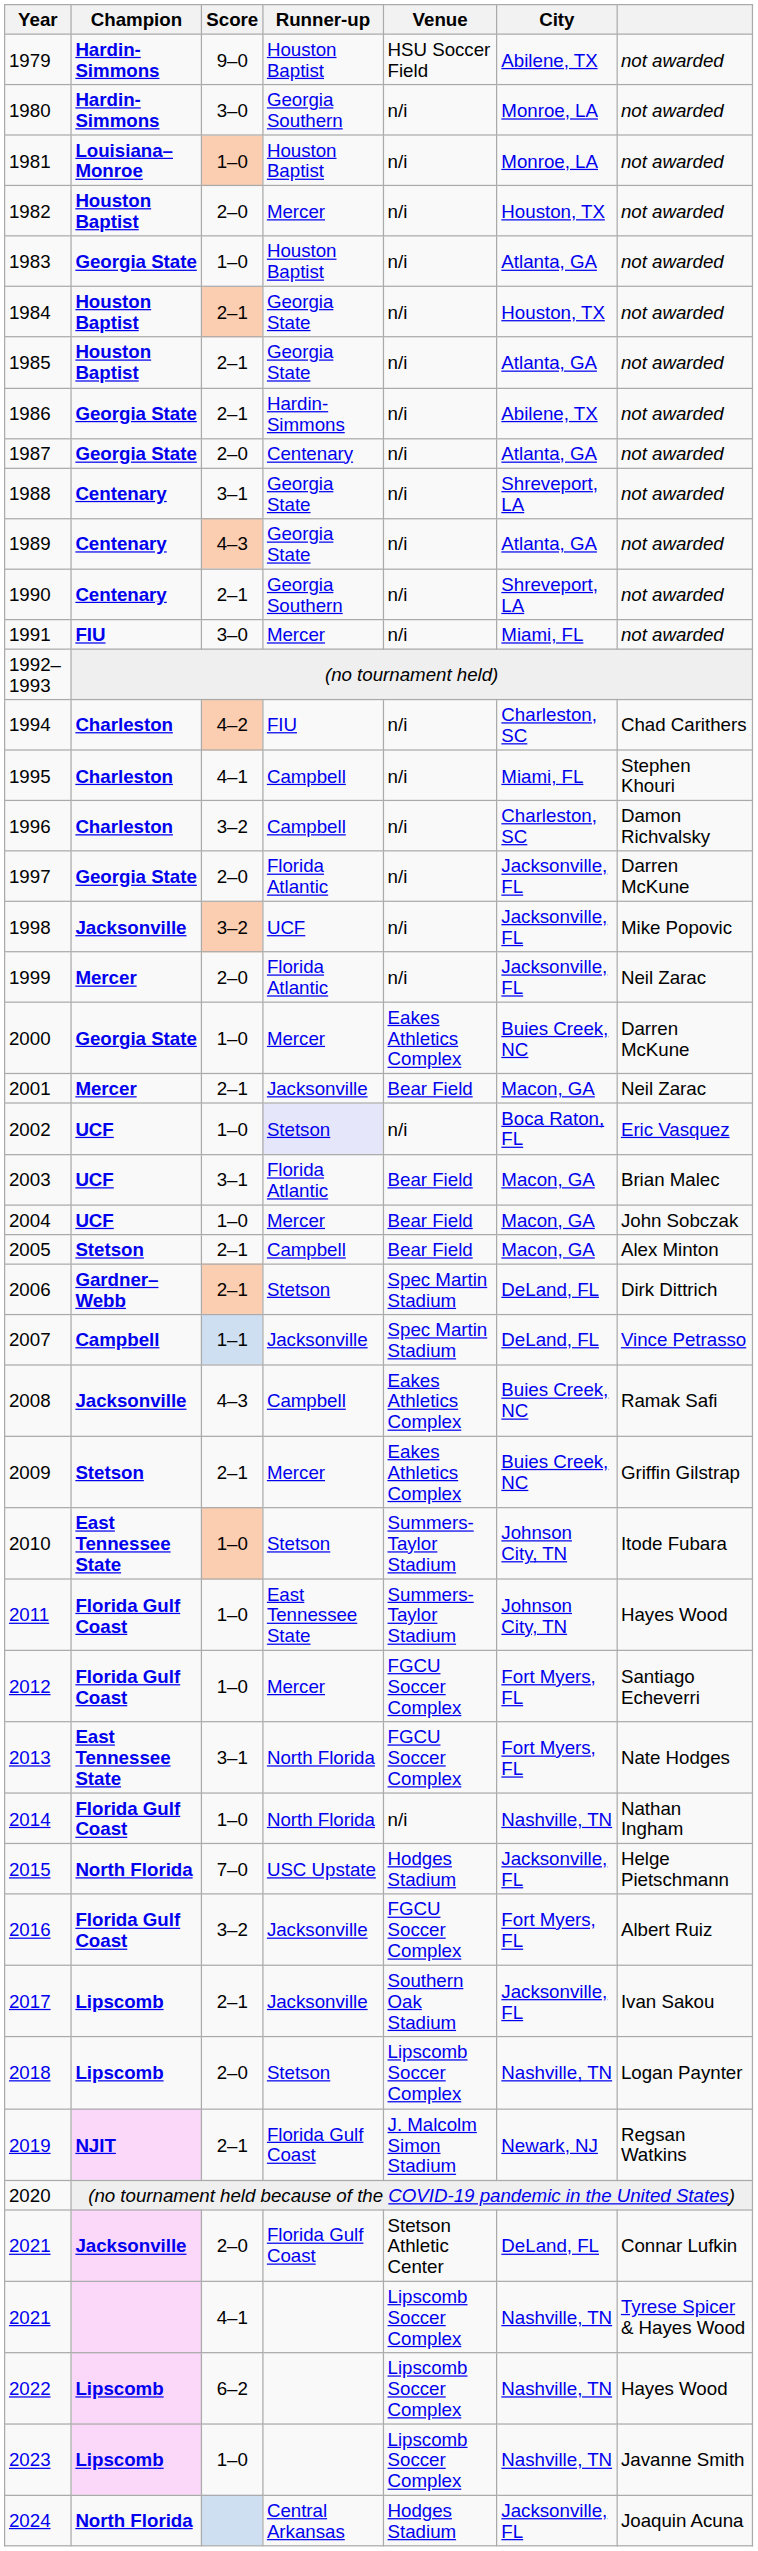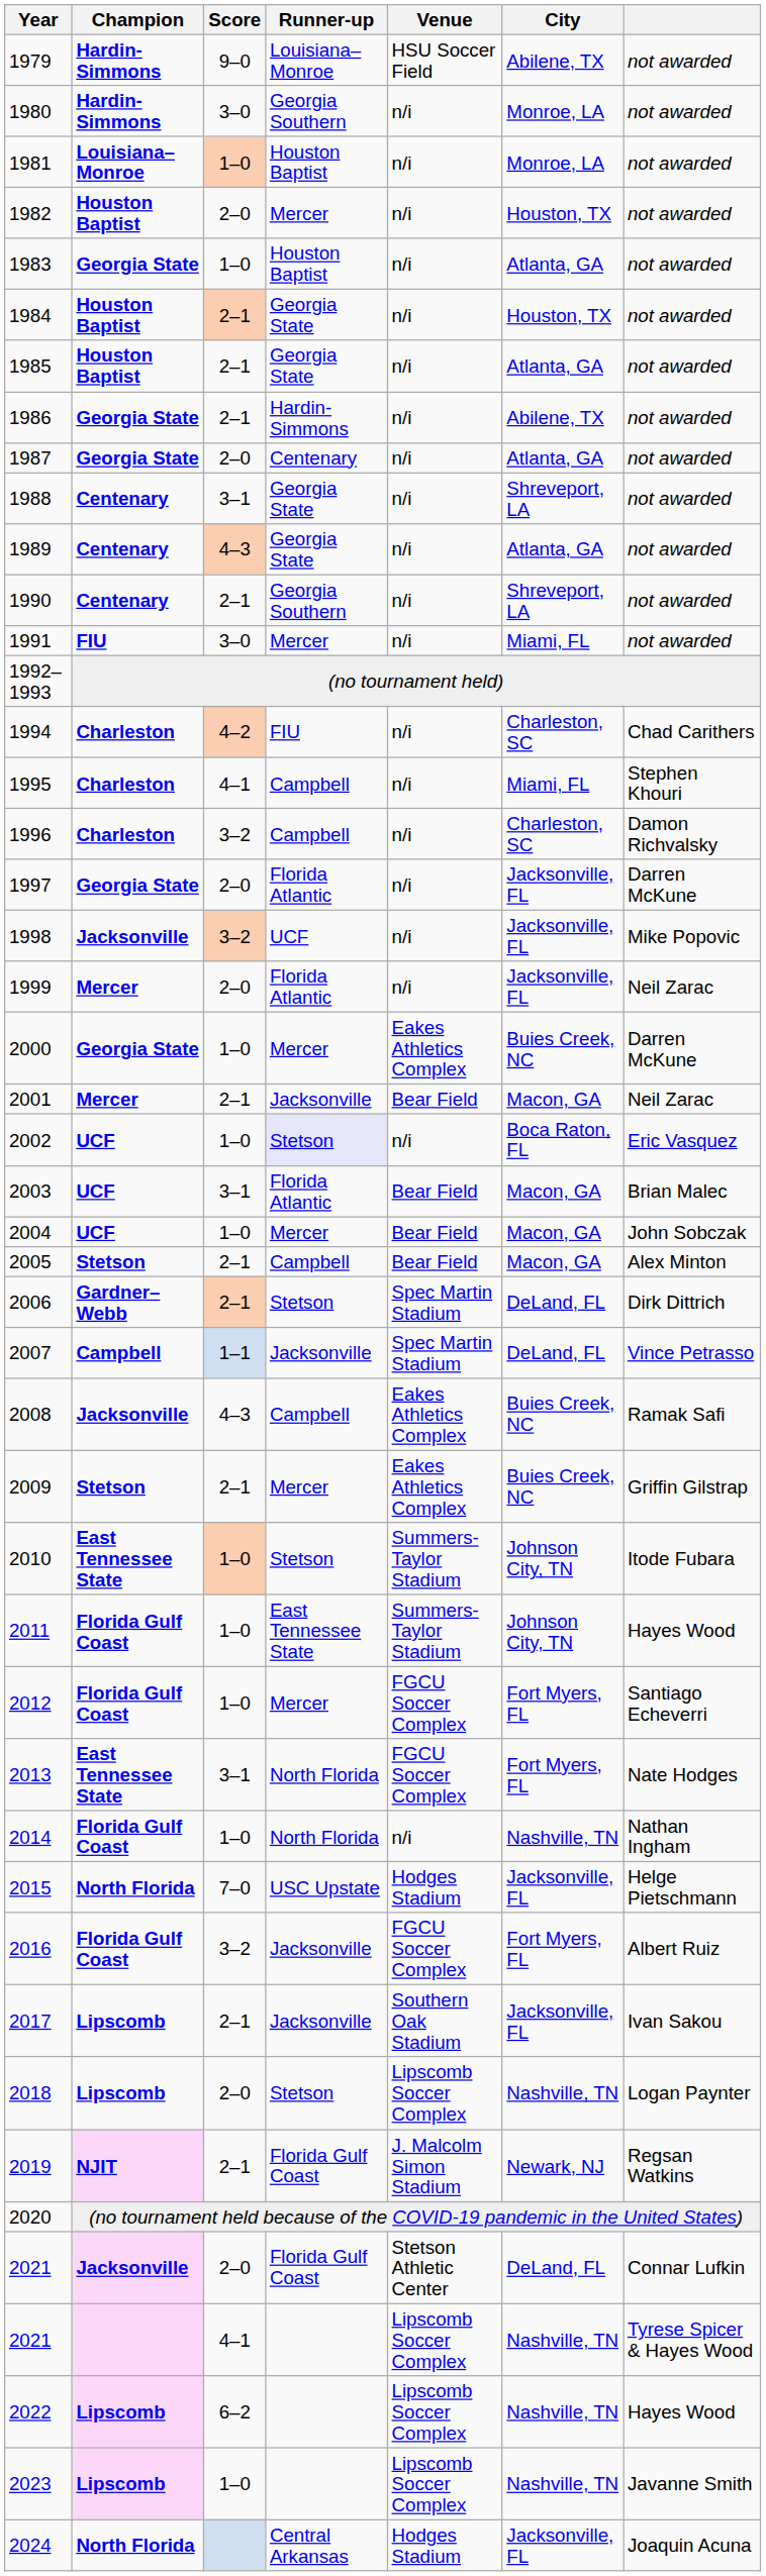 <table class="wikitable sortable" style= "font-size:95%;">
 <tr>
 <th width=px>Year</th>
 <th width=px>Champion</th>
 <th width=px>Score</th>
 <th width=px>Runner-up</th>
 <th width=px>Venue</th>
 <th width=px>City</th>
 <th width=px></th>
 </tr>
 <tr>
 <td>1979</td>
 <td><strong><a href='#'>Hardin-Simmons</a></strong> </td>
 <td align=center>9–0</td>
-<td><a href='#'>Houston Baptist</a></td>
+<td><a href='#'>Louisiana–Monroe</a></td>
 <td>HSU Soccer Field</td>
 <td><a href='#'>Abilene, TX</a></td>
 <td><em>not awarded</em></td>
 </tr>
 <tr>
 <td>1980</td>
 <td><strong><a href='#'>Hardin-Simmons</a></strong> </td>
 <td align=center>3–0</td>
 <td><a href='#'>Georgia Southern</a></td>
 <td>n/i</td>
 <td><a href='#'>Monroe, LA</a></td>
 <td><em>not awarded</em></td>
 </tr>
 <tr>
 <td>1981</td>
 <td><strong><a href='#'>Louisiana–Monroe</a></strong> </td>
 <td style="background-color:#FBCEB1" align=center>1–0 </td>
 <td><a href='#'>Houston Baptist</a></td>
 <td>n/i</td>
 <td><a href='#'>Monroe, LA</a></td>
 <td><em>not awarded</em></td>
 </tr>
 <tr>
 <td>1982</td>
 <td><strong><a href='#'>Houston Baptist</a></strong> </td>
 <td align=center>2–0</td>
 <td><a href='#'>Mercer</a></td>
 <td>n/i</td>
 <td><a href='#'>Houston, TX</a></td>
 <td><em>not awarded</em></td>
 </tr>
 <tr>
 <td>1983</td>
 <td><strong><a href='#'>Georgia State</a></strong> </td>
 <td align=center>1–0</td>
 <td><a href='#'>Houston Baptist</a></td>
 <td>n/i</td>
 <td><a href='#'>Atlanta, GA</a></td>
 <td><em>not awarded</em></td>
 </tr>
 <tr>
 <td>1984</td>
 <td><strong><a href='#'>Houston Baptist</a></strong> </td>
 <td style="background-color:#FBCEB1" align=center>2–1</td>
 <td><a href='#'>Georgia State</a></td>
 <td>n/i</td>
 <td><a href='#'>Houston, TX</a></td>
 <td><em>not awarded</em></td>
 </tr>
 <tr>
 <td>1985</td>
 <td><strong><a href='#'>Houston Baptist</a></strong> </td>
 <td align=center>2–1</td>
 <td><a href='#'>Georgia State</a></td>
 <td>n/i</td>
 <td><a href='#'>Atlanta, GA</a></td>
 <td><em>not awarded</em></td>
 </tr>
 <tr>
 <td>1986</td>
 <td><strong><a href='#'>Georgia State</a></strong> </td>
 <td align=center>2–1</td>
 <td><a href='#'>Hardin-Simmons</a></td>
 <td>n/i</td>
 <td><a href='#'>Abilene, TX</a></td>
 <td><em>not awarded</em></td>
 </tr>
 <tr>
 <td>1987</td>
 <td><strong><a href='#'>Georgia State</a></strong> </td>
 <td align=center>2–0</td>
 <td><a href='#'>Centenary</a></td>
 <td>n/i</td>
 <td><a href='#'>Atlanta, GA</a></td>
 <td><em>not awarded</em></td>
 </tr>
 <tr>
 <td>1988</td>
 <td><strong><a href='#'>Centenary</a></strong> </td>
 <td align=center>3–1</td>
 <td><a href='#'>Georgia State</a></td>
 <td>n/i</td>
 <td><a href='#'>Shreveport, LA</a></td>
 <td><em>not awarded</em></td>
 </tr>
 <tr>
 <td>1989</td>
 <td><strong><a href='#'>Centenary</a></strong> </td>
 <td style="background-color:#FBCEB1" align=center>4–3 </td>
 <td><a href='#'>Georgia State</a></td>
 <td>n/i</td>
 <td><a href='#'>Atlanta, GA</a></td>
 <td><em>not awarded</em></td>
 </tr>
 <tr>
 <td>1990</td>
 <td><strong><a href='#'>Centenary</a></strong> </td>
 <td align=center>2–1</td>
 <td><a href='#'>Georgia Southern</a></td>
 <td>n/i</td>
 <td><a href='#'>Shreveport, LA</a></td>
 <td><em>not awarded</em></td>
 </tr>
 <tr>
 <td>1991</td>
 <td><strong><a href='#'>FIU</a></strong> </td>
 <td align=center>3–0</td>
 <td><a href='#'>Mercer</a></td>
 <td>n/i</td>
 <td><a href='#'>Miami, FL</a></td>
 <td><em>not awarded</em></td>
 </tr>
 <tr>
 <td>1992–1993</td>
 <td colspan=6 style= background:#efefef; align=center><em>(no tournament held)</em></td>
 </tr>
 <tr>
 <td>1994</td>
 <td><strong><a href='#'>Charleston</a></strong> </td>
 <td style="background-color:#FBCEB1" align=center>4–2 </td>
 <td><a href='#'>FIU</a></td>
 <td>n/i</td>
 <td><a href='#'>Charleston, SC</a></td>
 <td>Chad Carithers </td>
 </tr>
 <tr>
 <td>1995</td>
 <td><strong><a href='#'>Charleston</a></strong> </td>
 <td align=center>4–1</td>
 <td><a href='#'>Campbell</a></td>
 <td>n/i</td>
 <td><a href='#'>Miami, FL</a></td>
 <td>Stephen Khouri </td>
 </tr>
 <tr>
 <td>1996</td>
 <td><strong><a href='#'>Charleston</a></strong> </td>
 <td align=center>3–2</td>
 <td><a href='#'>Campbell</a></td>
 <td>n/i</td>
 <td><a href='#'>Charleston, SC</a></td>
 <td>Damon Richvalsky </td>
 </tr>
 <tr>
 <td>1997</td>
 <td><strong><a href='#'>Georgia State</a></strong> </td>
 <td align=center>2–0</td>
 <td><a href='#'>Florida Atlantic</a></td>
 <td>n/i</td>
 <td><a href='#'>Jacksonville, FL</a></td>
 <td>Darren McKune </td>
 </tr>
 <tr>
 <td>1998</td>
 <td><strong><a href='#'>Jacksonville</a></strong> </td>
 <td style="background-color:#FBCEB1" align=center>3–2 </td>
 <td><a href='#'>UCF</a></td>
 <td>n/i</td>
 <td><a href='#'>Jacksonville, FL</a></td>
 <td>Mike Popovic </td>
 </tr>
 <tr>
 <td>1999</td>
 <td><strong><a href='#'>Mercer</a></strong> </td>
 <td align=center>2–0</td>
 <td><a href='#'>Florida Atlantic</a></td>
 <td>n/i</td>
 <td><a href='#'>Jacksonville, FL</a></td>
 <td>Neil Zarac </td>
 </tr>
 <tr>
 <td>2000</td>
 <td><strong><a href='#'>Georgia State</a></strong> </td>
 <td align=center>1–0</td>
 <td><a href='#'>Mercer</a></td>
 <td><a href='#'>Eakes Athletics Complex</a></td>
 <td><a href='#'>Buies Creek, NC</a></td>
 <td>Darren McKune </td>
 </tr>
 <tr>
 <td>2001</td>
 <td><strong><a href='#'>Mercer</a></strong> </td>
 <td align=center>2–1</td>
 <td><a href='#'>Jacksonville</a></td>
 <td><a href='#'>Bear Field</a></td>
 <td><a href='#'>Macon, GA</a></td>
 <td>Neil Zarac </td>
 </tr>
 <tr>
 <td>2002</td>
 <td><strong><a href='#'>UCF</a></strong> </td>
 <td align=center>1–0</td>
 <td style="background: lavender;"><a href='#'>Stetson</a></td>
 <td>n/i</td>
 <td><a href='#'>Boca Raton, FL</a></td>
 <td><a href='#'>Eric Vasquez</a> </td>
 </tr>
 <tr>
 <td>2003</td>
 <td><strong> <a href='#'>UCF</a></strong> </td>
 <td align=center>3–1</td>
 <td><a href='#'>Florida Atlantic</a></td>
 <td><a href='#'>Bear Field</a></td>
 <td><a href='#'>Macon, GA</a></td>
 <td>Brian Malec </td>
 </tr>
 <tr>
 <td>2004</td>
 <td><strong><a href='#'>UCF</a></strong> </td>
 <td align=center>1–0</td>
 <td><a href='#'>Mercer</a></td>
 <td><a href='#'>Bear Field</a></td>
 <td><a href='#'>Macon, GA</a></td>
 <td>John Sobczak </td>
 </tr>
 <tr>
 <td>2005</td>
 <td><strong><a href='#'>Stetson</a></strong> </td>
 <td align=center>2–1</td>
 <td><a href='#'>Campbell</a></td>
 <td><a href='#'>Bear Field</a></td>
 <td><a href='#'>Macon, GA</a></td>
 <td>Alex Minton </td>
 </tr>
 <tr>
 <td>2006</td>
 <td><strong><a href='#'>Gardner–Webb</a></strong> </td>
 <td style="background-color:#FBCEB1" align=center>2–1 </td>
 <td><a href='#'>Stetson</a></td>
 <td><a href='#'>Spec Martin Stadium</a></td>
 <td><a href='#'>DeLand, FL</a></td>
 <td>Dirk Dittrich </td>
 </tr>
 <tr>
 <td>2007</td>
 <td><strong><a href='#'>Campbell</a></strong> </td>
 <td style="background-color:#cedff2" align=center>1–1 </td>
 <td><a href='#'>Jacksonville</a></td>
 <td><a href='#'>Spec Martin Stadium</a></td>
 <td><a href='#'>DeLand, FL</a></td>
 <td><a href='#'>Vince Petrasso</a> </td>
 </tr>
 <tr>
 <td>2008</td>
 <td><strong><a href='#'>Jacksonville</a></strong> </td>
 <td align=center>4–3</td>
 <td><a href='#'>Campbell</a></td>
 <td><a href='#'>Eakes Athletics Complex</a></td>
 <td><a href='#'>Buies Creek, NC</a></td>
 <td>Ramak Safi </td>
 </tr>
 <tr>
 <td>2009</td>
 <td><strong><a href='#'>Stetson</a></strong> </td>
 <td align=center>2–1</td>
 <td><a href='#'>Mercer</a></td>
 <td><a href='#'>Eakes Athletics Complex</a></td>
 <td><a href='#'>Buies Creek, NC</a></td>
 <td>Griffin Gilstrap </td>
 </tr>
 <tr>
 <td>2010</td>
 <td><strong><a href='#'>East Tennessee State</a></strong> </td>
 <td style="background-color:#FBCEB1" align=center>1–0 </td>
 <td><a href='#'>Stetson</a></td>
 <td><a href='#'>Summers-Taylor Stadium</a></td>
 <td><a href='#'>Johnson City, TN</a></td>
 <td>Itode Fubara </td>
 </tr>
 <tr>
 <td><a href='#'>2011</a></td>
 <td><strong><a href='#'>Florida Gulf Coast</a></strong> </td>
 <td align=center>1–0</td>
 <td><a href='#'>East Tennessee State</a></td>
 <td><a href='#'>Summers-Taylor Stadium</a></td>
 <td><a href='#'>Johnson City, TN</a></td>
 <td>Hayes Wood </td>
 </tr>
 <tr>
 <td><a href='#'>2012</a></td>
 <td><strong><a href='#'>Florida Gulf Coast</a></strong> </td>
 <td align=center>1–0</td>
 <td><a href='#'>Mercer</a></td>
 <td><a href='#'>FGCU Soccer Complex</a></td>
 <td><a href='#'>Fort Myers, FL</a></td>
 <td>Santiago Echeverri </td>
 </tr>
 <tr>
 <td><a href='#'>2013</a></td>
 <td><strong><a href='#'>East Tennessee State</a></strong> </td>
 <td align=center>3–1</td>
 <td><a href='#'>North Florida</a></td>
 <td><a href='#'>FGCU Soccer Complex</a></td>
 <td><a href='#'>Fort Myers, FL</a></td>
 <td>Nate Hodges </td>
 </tr>
 <tr>
 <td><a href='#'>2014</a></td>
 <td><strong><a href='#'>Florida Gulf Coast</a></strong> </td>
 <td align=center>1–0</td>
 <td><a href='#'>North Florida</a></td>
 <td>n/i</td>
 <td><a href='#'>Nashville, TN</a></td>
 <td>Nathan Ingham </td>
 </tr>
 <tr>
 <td><a href='#'>2015</a></td>
 <td><strong><a href='#'>North Florida</a></strong> </td>
 <td align=center>7–0</td>
 <td><a href='#'>USC Upstate</a></td>
 <td><a href='#'>Hodges Stadium</a></td>
 <td><a href='#'>Jacksonville, FL</a></td>
 <td>Helge Pietschmann </td>
 </tr>
 <tr>
 <td><a href='#'>2016</a></td>
 <td><strong><a href='#'>Florida Gulf Coast</a></strong> </td>
 <td align=center>3–2</td>
 <td><a href='#'>Jacksonville</a></td>
 <td><a href='#'>FGCU Soccer Complex</a></td>
 <td><a href='#'>Fort Myers, FL</a></td>
 <td>Albert Ruiz </td>
 </tr>
 <tr>
 <td><a href='#'>2017</a></td>
 <td><strong><a href='#'>Lipscomb</a></strong> </td>
 <td align=center>2–1</td>
 <td><a href='#'>Jacksonville</a></td>
 <td><a href='#'>Southern Oak Stadium</a></td>
 <td><a href='#'>Jacksonville, FL</a></td>
 <td>Ivan Sakou </td>
 </tr>
 <tr>
 <td><a href='#'>2018</a></td>
 <td><strong><a href='#'>Lipscomb</a></strong> </td>
 <td align=center>2–0</td>
 <td><a href='#'>Stetson</a></td>
 <td><a href='#'>Lipscomb Soccer Complex</a></td>
 <td><a href='#'>Nashville, TN</a></td>
 <td>Logan Paynter </td>
 </tr>
 <tr>
 <td><a href='#'>2019</a></td>
 <td bgcolor= #FBD7FA><strong><a href='#'>NJIT</a></strong> </td>
 <td align=center>2–1</td>
 <td><a href='#'>Florida Gulf Coast</a></td>
 <td><a href='#'>J. Malcolm Simon Stadium</a></td>
 <td><a href='#'>Newark, NJ</a></td>
 <td>Regsan Watkins </td>
 </tr>
 <tr>
 <td>2020</td>
 <td colspan=6 style= background:#efefef; align=center><em>(no tournament held because of the <a href='#'>COVID-19 pandemic in the United States</a>)</em></td>
 </tr>
 <tr>
 <td><a href='#'>2021 </a></td>
 <td bgcolor= #FBD7FA><strong><a href='#'>Jacksonville</a></strong> </td>
 <td align=center>2–0</td>
 <td><a href='#'>Florida Gulf Coast</a></td>
 <td>Stetson Athletic Center</td>
 <td><a href='#'>DeLand, FL</a></td>
 <td>Connar Lufkin </td>
 </tr>
 <tr>
 <td><a href='#'>2021 </a></td>
 <td bgcolor= #FBD7FA><strong></strong> </td>
 <td align=center>4–1</td>
 <td></td>
 <td><a href='#'>Lipscomb Soccer Complex</a></td>
 <td><a href='#'>Nashville, TN</a></td>
 <td><a href='#'>Tyrese Spicer</a> & Hayes Wood </td>
 </tr>
 <tr>
 <td><a href='#'>2022</a></td>
 <td bgcolor= #FBD7FA><strong><a href='#'>Lipscomb</a></strong> </td>
 <td align=center>6–2</td>
 <td></td>
 <td><a href='#'>Lipscomb Soccer Complex</a></td>
 <td><a href='#'>Nashville, TN</a></td>
 <td>Hayes Wood </td>
 </tr>
 <tr>
 <td><a href='#'>2023</a></td>
 <td bgcolor= #FBD7FA><strong><a href='#'>Lipscomb</a></strong> </td>
 <td align=center>1–0</td>
 <td></td>
 <td><a href='#'>Lipscomb Soccer Complex</a></td>
 <td><a href='#'>Nashville, TN</a></td>
 <td>Javanne Smith </td>
 </tr>
 <tr>
 <td><a href='#'>2024</a></td>
 <td><strong><a href='#'>North Florida</a></strong> </td>
 <td style="background-color:#cedff2"></td>
 <td><a href='#'>Central Arkansas</a></td>
 <td><a href='#'>Hodges Stadium</a></td>
 <td><a href='#'>Jacksonville, FL</a></td>
 <td>Joaquin Acuna </td>
 </tr>
 </table>
